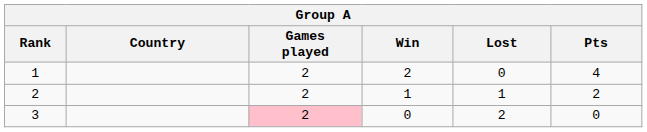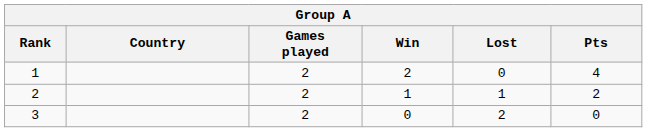 <table class="wikitable" style= "text-align: center; Width:50%">
 <tr>
 <th colspan= 6>Group A</th>
 </tr>
 <tr>
 <th width=2%>Rank</th>
 <th width=10%>Country</th>
 <th width=5%>Games <br> played</th>
 <th width=5%>Win</th>
 <th width=5%>Lost</th>
 <th width=5%>Pts</th>
 </tr>
 <tr>
 <td>1</td>
 <td style= "text-align: left"></td>
 <td>2</td>
 <td>2</td>
 <td>0</td>
 <td>4</td>
 </tr>
 <tr>
 <td>2</td>
 <td style= "text-align: left"></td>
 <td>2</td>
 <td>1</td>
 <td>1</td>
 <td>2</td>
 </tr>
 <tr>
 <td>3</td>
 <td style= "text-align: left"></td>
-<td style="background: pink;">2</td>
+<td>2</td>
 <td>0</td>
 <td>2</td>
 <td>0</td>
 </tr>
 </table>
